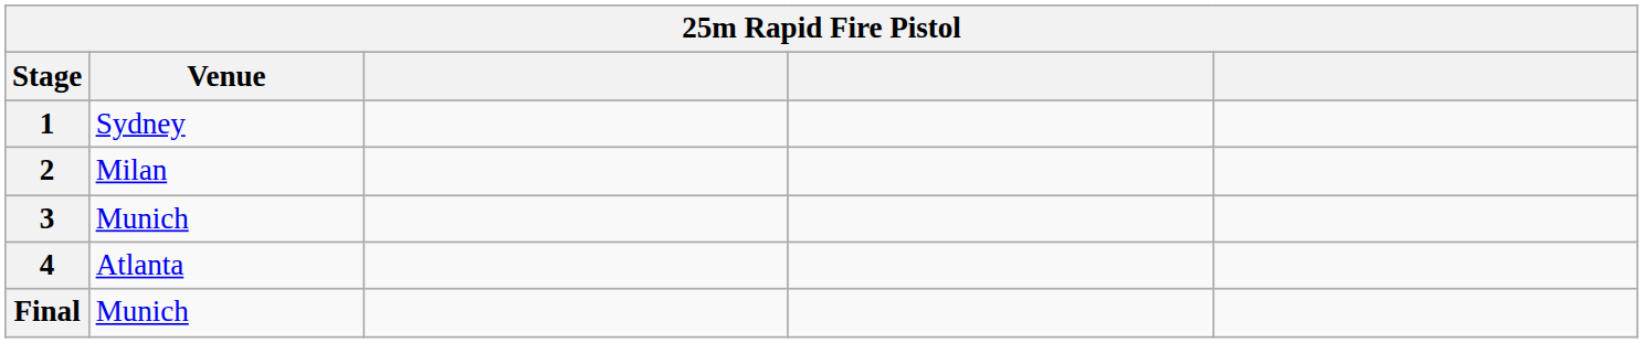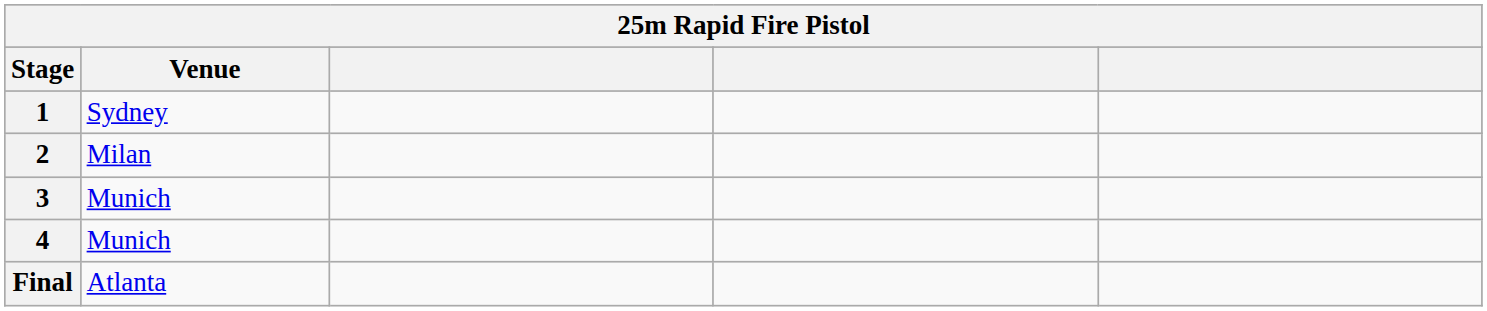 <table class="wikitable">
 <tr>
 <th colspan="5">25m Rapid Fire Pistol</th>
 </tr>
 <tr>
 <th>Stage</th>
 <th width=140>Venue</th>
 <th width=220></th>
 <th width=220></th>
 <th width=220></th>
 </tr>
 <tr>
 <th>1</th>
 <td> <a href='#'>Sydney</a></td>
 <td></td>
 <td></td>
 <td></td>
 </tr>
 <tr>
 <th>2</th>
 <td> <a href='#'>Milan</a></td>
 <td></td>
 <td></td>
 <td></td>
 </tr>
 <tr>
 <th>3</th>
 <td> <a href='#'>Munich</a></td>
 <td></td>
 <td></td>
 <td></td>
 </tr>
 <tr>
 <th>4</th>
-<td> <a href='#'>Atlanta</a></td>
+<td> <a href='#'>Munich</a></td>
 <td></td>
 <td></td>
 <td></td>
 </tr>
 <tr>
 <th>Final</th>
-<td> <a href='#'>Munich</a></td>
+<td> <a href='#'>Atlanta</a></td>
 <td></td>
 <td></td>
 <td></td>
 </tr>
 </table>
